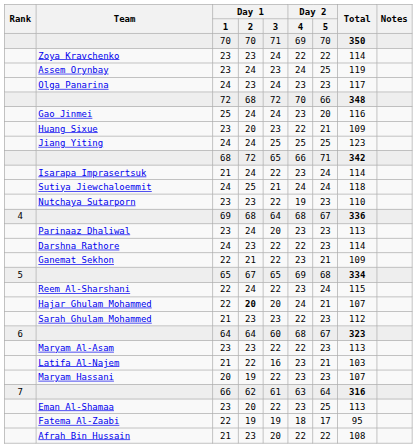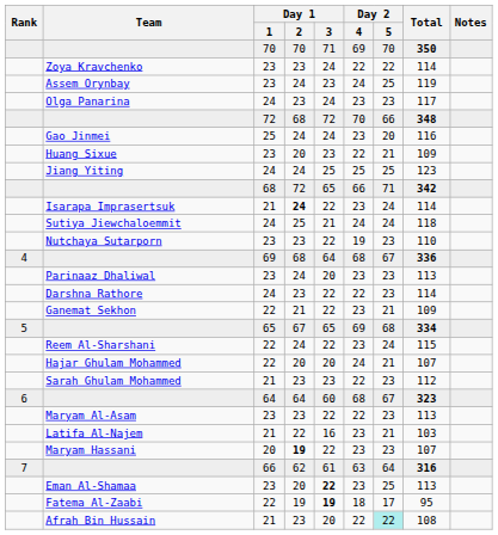 <table class="wikitable" style="text-align:center">
 <tr>
 <th rowspan=2 width=40>Rank</th>
 <th rowspan=2 width=250>Team</th>
 <th colspan=3>Day 1</th>
 <th colspan=2>Day 2</th>
 <th rowspan=2 width=50>Total</th>
 <th rowspan=2 width=45>Notes</th>
 </tr>
 <tr>
 <th width=30>1</th>
 <th width=30>2</th>
 <th width=30>3</th>
 <th width=30>4</th>
 <th width=30>5</th>
 </tr>
 <tr bgcolor=eeeeee>
 <td></td>
 <td align=left></td>
 <td>70</td>
 <td>70</td>
 <td>71</td>
 <td>69</td>
 <td>70</td>
 <td><strong>350</strong></td>
 <td></td>
 </tr>
 <tr>
 <td></td>
 <td align=left><a href='#'>Zoya Kravchenko</a></td>
 <td>23</td>
 <td>23</td>
 <td>24</td>
 <td>22</td>
 <td>22</td>
 <td>114</td>
 <td></td>
 </tr>
 <tr>
 <td></td>
 <td align=left><a href='#'>Assem Orynbay</a></td>
 <td>23</td>
 <td>24</td>
 <td>23</td>
 <td>24</td>
 <td>25</td>
 <td>119</td>
 <td></td>
 </tr>
 <tr>
 <td></td>
 <td align=left><a href='#'>Olga Panarina</a></td>
 <td>24</td>
 <td>23</td>
 <td>24</td>
 <td>23</td>
 <td>23</td>
 <td>117</td>
 <td></td>
 </tr>
 <tr bgcolor=eeeeee>
 <td></td>
 <td align=left></td>
 <td>72</td>
 <td>68</td>
 <td>72</td>
 <td>70</td>
 <td>66</td>
 <td><strong>348</strong></td>
 <td></td>
 </tr>
 <tr>
 <td></td>
 <td align=left><a href='#'>Gao Jinmei</a></td>
 <td>25</td>
 <td>24</td>
 <td>24</td>
 <td>23</td>
 <td>20</td>
 <td>116</td>
 <td></td>
 </tr>
 <tr>
 <td></td>
 <td align=left><a href='#'>Huang Sixue</a></td>
 <td>23</td>
 <td>20</td>
 <td>23</td>
 <td>22</td>
 <td>21</td>
 <td>109</td>
 <td></td>
 </tr>
 <tr>
 <td></td>
 <td align=left><a href='#'>Jiang Yiting</a></td>
 <td>24</td>
 <td>24</td>
 <td>25</td>
 <td>25</td>
 <td>25</td>
 <td>123</td>
 <td></td>
 </tr>
 <tr bgcolor=eeeeee>
 <td></td>
 <td align=left></td>
 <td>68</td>
 <td>72</td>
 <td>65</td>
 <td>66</td>
 <td>71</td>
 <td><strong>342</strong></td>
 <td></td>
 </tr>
 <tr>
 <td></td>
 <td align=left><a href='#'>Isarapa Imprasertsuk</a></td>
 <td>21</td>
-<td>24</td>
+<td><strong>24</strong></td>
 <td>22</td>
 <td>23</td>
 <td>24</td>
 <td>114</td>
 <td></td>
 </tr>
 <tr>
 <td></td>
 <td align=left><a href='#'>Sutiya Jiewchaloemmit</a></td>
 <td>24</td>
 <td>25</td>
 <td>21</td>
 <td>24</td>
 <td>24</td>
 <td>118</td>
 <td></td>
 </tr>
 <tr>
 <td></td>
 <td align=left><a href='#'>Nutchaya Sutarporn</a></td>
 <td>23</td>
 <td>23</td>
 <td>22</td>
 <td>19</td>
 <td>23</td>
 <td>110</td>
 <td></td>
 </tr>
 <tr bgcolor=eeeeee>
 <td>4</td>
 <td align=left></td>
 <td>69</td>
 <td>68</td>
 <td>64</td>
 <td>68</td>
 <td>67</td>
 <td><strong>336</strong></td>
 <td></td>
 </tr>
 <tr>
 <td></td>
 <td align=left><a href='#'>Parinaaz Dhaliwal</a></td>
 <td>23</td>
 <td>24</td>
 <td>20</td>
 <td>23</td>
 <td>23</td>
 <td>113</td>
 <td></td>
 </tr>
 <tr>
 <td></td>
 <td align=left><a href='#'>Darshna Rathore</a></td>
 <td>24</td>
 <td>23</td>
 <td>22</td>
 <td>22</td>
 <td>23</td>
 <td>114</td>
 <td></td>
 </tr>
 <tr>
 <td></td>
 <td align=left><a href='#'>Ganemat Sekhon</a></td>
 <td>22</td>
 <td>21</td>
 <td>22</td>
 <td>23</td>
 <td>21</td>
 <td>109</td>
 <td></td>
 </tr>
 <tr bgcolor=eeeeee>
 <td>5</td>
 <td align=left></td>
 <td>65</td>
 <td>67</td>
 <td>65</td>
 <td>69</td>
 <td>68</td>
 <td><strong>334</strong></td>
 <td></td>
 </tr>
 <tr>
 <td></td>
 <td align=left><a href='#'>Reem Al-Sharshani</a></td>
 <td>22</td>
 <td>24</td>
 <td>22</td>
 <td>23</td>
 <td>24</td>
 <td>115</td>
 <td></td>
 </tr>
 <tr>
 <td></td>
 <td align=left><a href='#'>Hajar Ghulam Mohammed</a></td>
 <td>22</td>
-<td><strong>20</strong></td>
+<td>20</td>
 <td>20</td>
 <td>24</td>
 <td>21</td>
 <td>107</td>
 <td></td>
 </tr>
 <tr>
 <td></td>
 <td align=left><a href='#'>Sarah Ghulam Mohammed</a></td>
 <td>21</td>
 <td>23</td>
 <td>23</td>
 <td>22</td>
 <td>23</td>
 <td>112</td>
 <td></td>
 </tr>
 <tr bgcolor=eeeeee>
 <td>6</td>
 <td align=left></td>
 <td>64</td>
 <td>64</td>
 <td>60</td>
 <td>68</td>
 <td>67</td>
 <td><strong>323</strong></td>
 <td></td>
 </tr>
 <tr>
 <td></td>
 <td align=left><a href='#'>Maryam Al-Asam</a></td>
 <td>23</td>
 <td>23</td>
 <td>22</td>
 <td>22</td>
 <td>23</td>
 <td>113</td>
 <td></td>
 </tr>
 <tr>
 <td></td>
 <td align=left><a href='#'>Latifa Al-Najem</a></td>
 <td>21</td>
 <td>22</td>
 <td>16</td>
 <td>23</td>
 <td>21</td>
 <td>103</td>
 <td></td>
 </tr>
 <tr>
 <td></td>
 <td align=left><a href='#'>Maryam Hassani</a></td>
 <td>20</td>
-<td>19</td>
+<td><strong>19</strong></td>
 <td>22</td>
 <td>23</td>
 <td>23</td>
 <td>107</td>
 <td></td>
 </tr>
 <tr bgcolor=eeeeee>
 <td>7</td>
 <td align=left></td>
 <td>66</td>
 <td>62</td>
 <td>61</td>
 <td>63</td>
 <td>64</td>
 <td><strong>316</strong></td>
 <td></td>
 </tr>
 <tr>
 <td></td>
 <td align=left><a href='#'>Eman Al-Shamaa</a></td>
 <td>23</td>
 <td>20</td>
-<td>22</td>
+<td><strong>22</strong></td>
 <td>23</td>
 <td>25</td>
 <td>113</td>
 <td></td>
 </tr>
 <tr>
 <td></td>
 <td align=left><a href='#'>Fatema Al-Zaabi</a></td>
 <td>22</td>
 <td>19</td>
-<td>19</td>
+<td><strong>19</strong></td>
 <td>18</td>
 <td>17</td>
 <td>95</td>
 <td></td>
 </tr>
 <tr>
 <td></td>
 <td align=left><a href='#'>Afrah Bin Hussain</a></td>
 <td>21</td>
 <td>23</td>
 <td>20</td>
 <td>22</td>
-<td>22</td>
+<td style="background: paleturquoise;">22</td>
 <td>108</td>
 <td></td>
 </tr>
 </table>
